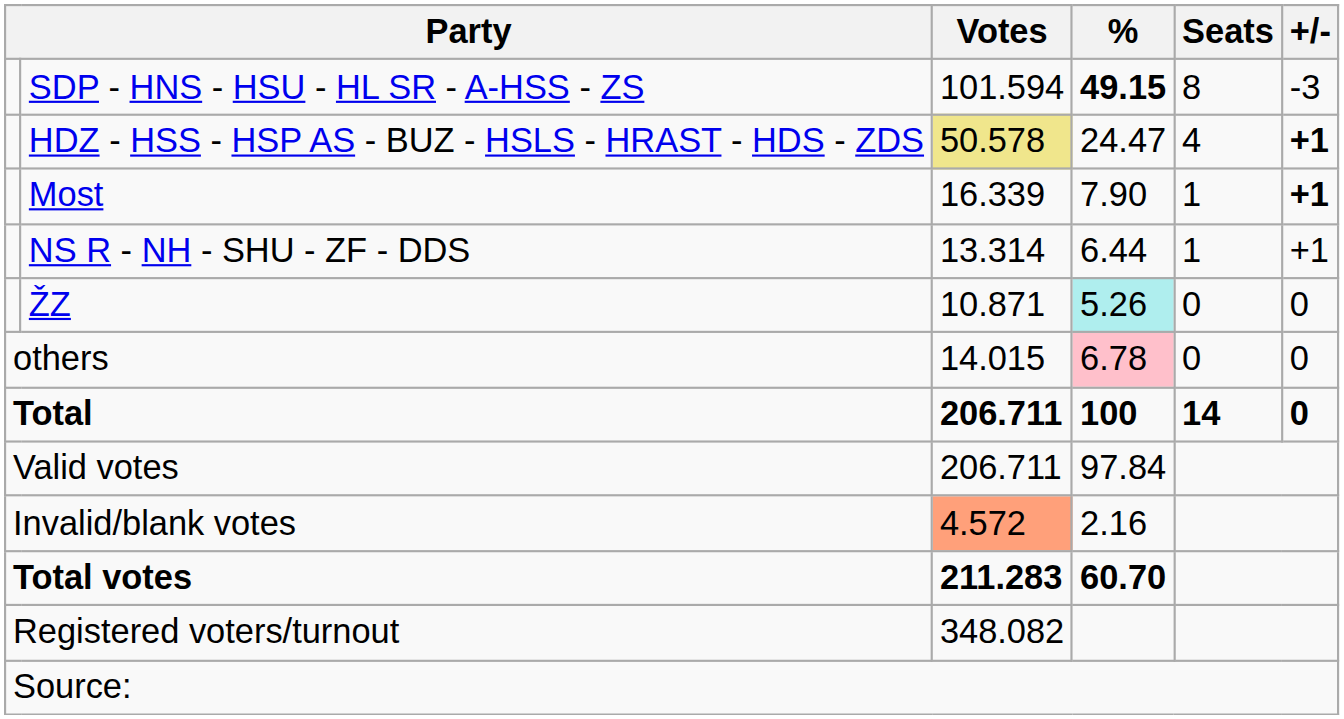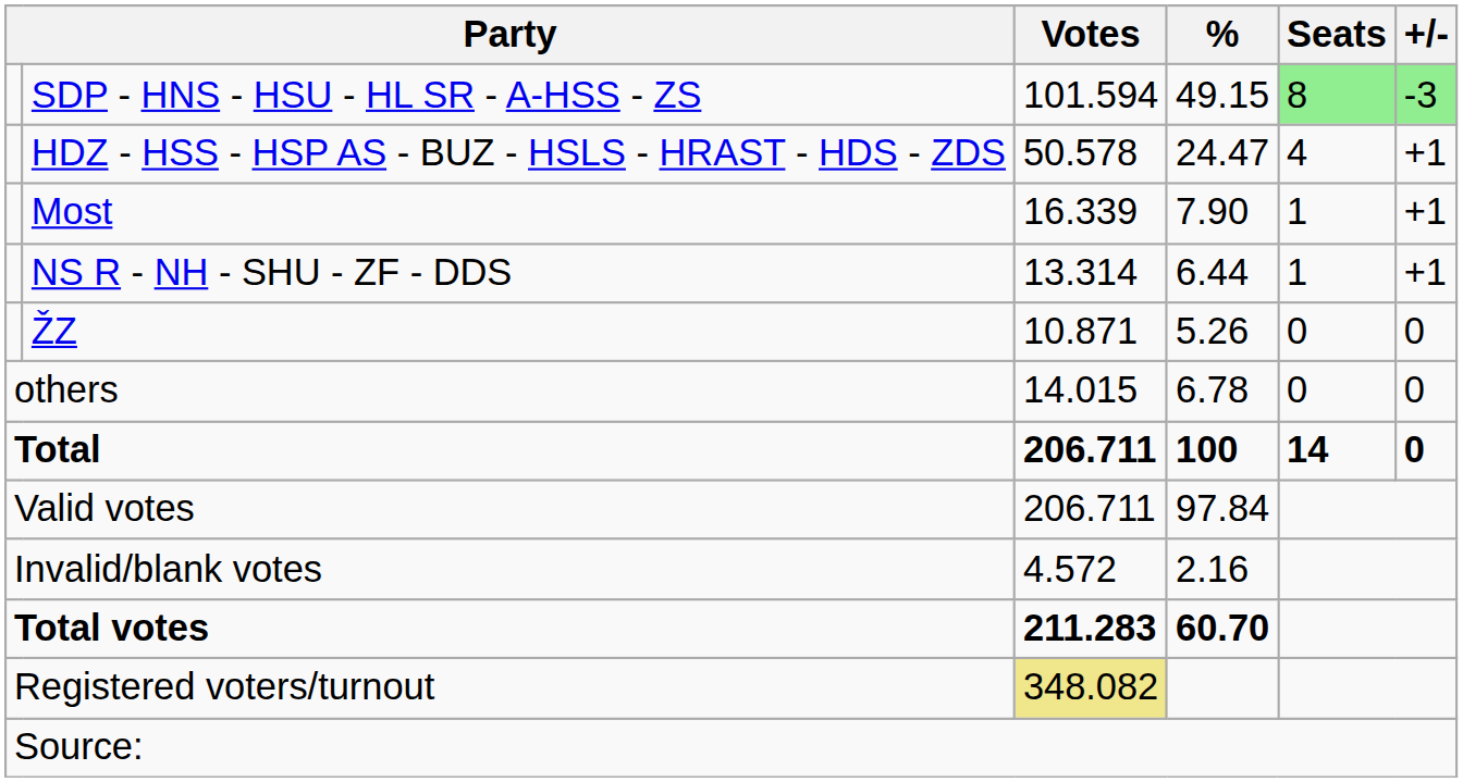 <table class="wikitable" style="text-align: left;">
 <tr>
 <th colspan="2">Party</th>
 <th>Votes</th>
 <th>%</th>
 <th>Seats</th>
 <th>+/-</th>
 </tr>
 <tr>
 <td style="background-color: "></td>
 <td><a href='#'>SDP</a> - <a href='#'>HNS</a> - <a href='#'>HSU</a> - <a href='#'>HL SR</a> - <a href='#'>A-HSS</a> - <a href='#'>ZS</a></td>
 <td>101.594</td>
-<td><strong>49.15</strong></td>
-<td>8</td>
-<td>-3</td>
+<td>49.15</td>
+<td style="background: lightgreen;">8</td>
+<td style="background: lightgreen;">-3</td>
 </tr>
 <tr>
 <td style="background-color: "></td>
 <td><a href='#'>HDZ</a> - <a href='#'>HSS</a> - <a href='#'>HSP AS</a> - BUZ - <a href='#'>HSLS</a> - <a href='#'>HRAST</a> - <a href='#'>HDS</a> - <a href='#'>ZDS</a></td>
-<td style="background: khaki;">50.578</td>
+<td>50.578</td>
 <td>24.47</td>
 <td>4</td>
-<td><strong>+1</strong></td>
+<td>+1</td>
 </tr>
 <tr>
 <td style="background-color: "></td>
 <td><a href='#'>Most</a></td>
 <td>16.339</td>
 <td>7.90</td>
 <td>1</td>
-<td><strong>+1</strong></td>
+<td>+1</td>
 </tr>
 <tr>
 <td style="background-color: "></td>
 <td><a href='#'>NS R</a> - <a href='#'>NH</a> - SHU - ZF - DDS</td>
 <td>13.314</td>
 <td>6.44</td>
 <td>1</td>
 <td>+1</td>
 </tr>
 <tr>
 <td style="background-color: "></td>
 <td><a href='#'>ŽZ</a></td>
 <td>10.871</td>
-<td style="background: paleturquoise;">5.26</td>
+<td>5.26</td>
 <td>0</td>
 <td>0</td>
 </tr>
 <tr>
 <td colspan="2">others</td>
 <td>14.015</td>
-<td style="background: pink;">6.78</td>
+<td>6.78</td>
 <td>0</td>
 <td>0</td>
 </tr>
 <tr>
 <td colspan="2"><strong>Total</strong></td>
 <td><strong>206.711</strong></td>
 <td><strong>100</strong></td>
 <td><strong>14</strong></td>
 <td><strong>0</strong></td>
 </tr>
 <tr>
 <td colspan="2">Valid votes</td>
 <td>206.711</td>
 <td>97.84</td>
 <td colspan="2"></td>
 </tr>
 <tr>
 <td colspan="2">Invalid/blank votes</td>
-<td style="background: lightsalmon;">4.572</td>
+<td>4.572</td>
 <td>2.16</td>
 <td colspan="2"></td>
 </tr>
 <tr>
 <td colspan="2"><strong>Total votes</strong></td>
 <td><strong>211.283</strong></td>
 <td><strong>60.70</strong></td>
 <td colspan="2"></td>
 </tr>
 <tr>
 <td colspan="2">Registered voters/turnout</td>
-<td votes14="5343">348.082</td>
+<td votes14="5343" style="background: khaki;">348.082</td>
 <td></td>
 <td colspan="2"></td>
 </tr>
 <tr>
 <td colspan="6">Source: </td>
 </tr>
 </table>
